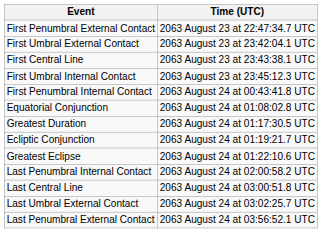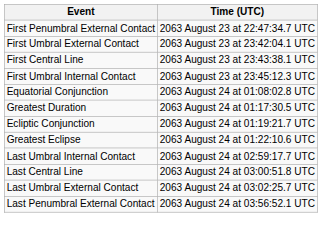 <table class="wikitable">
 <tr>
 <th>Event</th>
 <th>Time (UTC)</th>
 </tr>
 <tr>
 <td>First Penumbral External Contact</td>
 <td>2063 August 23 at 22:47:34.7 UTC</td>
 </tr>
 <tr>
 <td>First Umbral External Contact</td>
 <td>2063 August 23 at 23:42:04.1 UTC</td>
 </tr>
 <tr>
 <td>First Central Line</td>
 <td>2063 August 23 at 23:43:38.1 UTC</td>
 </tr>
 <tr>
 <td>First Umbral Internal Contact</td>
 <td>2063 August 23 at 23:45:12.3 UTC</td>
 </tr>
 <tr>
-<td>First Penumbral Internal Contact</td>
-<td>2063 August 24 at 00:43:41.8 UTC</td>
-</tr>
-<tr>
 <td>Equatorial Conjunction</td>
 <td>2063 August 24 at 01:08:02.8 UTC</td>
 </tr>
 <tr>
 <td>Greatest Duration</td>
 <td>2063 August 24 at 01:17:30.5 UTC</td>
 </tr>
 <tr>
 <td>Ecliptic Conjunction</td>
 <td>2063 August 24 at 01:19:21.7 UTC</td>
 </tr>
 <tr>
 <td>Greatest Eclipse</td>
 <td>2063 August 24 at 01:22:10.6 UTC</td>
 </tr>
 <tr>
-<td>Last Penumbral Internal Contact</td>
-<td>2063 August 24 at 02:00:58.2 UTC</td>
+<td>Last Umbral Internal Contact</td>
+<td>2063 August 24 at 02:59:17.7 UTC</td>
 </tr>
 <tr>
 <td>Last Central Line</td>
 <td>2063 August 24 at 03:00:51.8 UTC</td>
 </tr>
 <tr>
 <td>Last Umbral External Contact</td>
 <td>2063 August 24 at 03:02:25.7 UTC</td>
 </tr>
 <tr>
 <td>Last Penumbral External Contact</td>
 <td>2063 August 24 at 03:56:52.1 UTC</td>
 </tr>
 </table>
